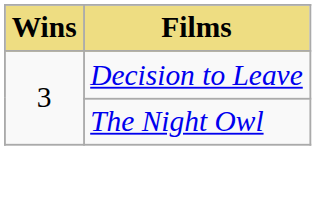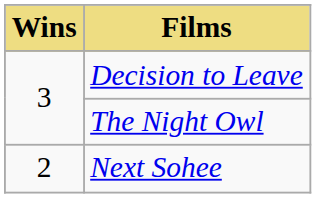 <table class="wikitable" align="center">
 <tr>
 <th style="background:#EEDD82; text-align:center">Wins</th>
 <th style="background:#EEDD82; text-align:center">Films</th>
 </tr>
 <tr>
 <td rowspan="2" style="text-align:center">3</td>
 <td><em><a href='#'>Decision to Leave</a></em></td>
 </tr>
 <tr>
 <td><em><a href='#'>The Night Owl</a></em></td>
 </tr>
+<tr>
+<td style="text-align:center">2</td>
+<td><em><a href='#'>Next Sohee</a></em></td>
+</tr>
 </table>
